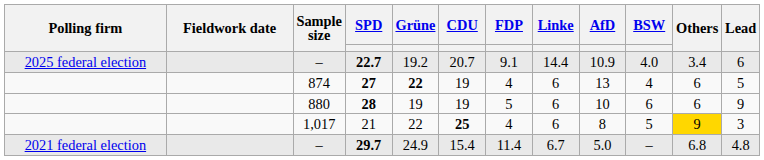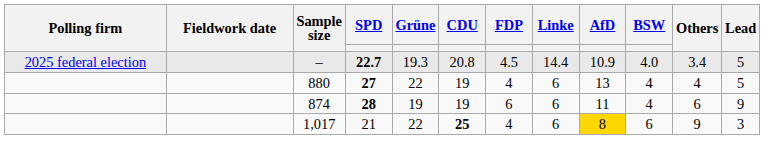 <table class="wikitable sortable mw-datatable mw-collapsible" style="text-align:center;font-size:90%;line-height:14px;">
 <tr style="height:40px;">
 <th style="width:155px;" rowspan="2">Polling firm</th>
 <th style="width:120px;" rowspan="2">Fieldwork date</th>
 <th style="width: 35px;" rowspan="2">Sample<br>size</th>
 <th class="unsortable" style="width:40px;"><a href='#'>SPD</a></th>
 <th class="unsortable" style="width:40px;"><a href='#'>Grüne</a></th>
 <th class="unsortable" style="width:40px;"><a href='#'>CDU</a></th>
 <th class="unsortable" style="width:40px;"><a href='#'>FDP</a></th>
 <th class="unsortable" style="width:40px;"><a href='#'>Linke</a></th>
 <th class="unsortable" style="width:40px;"><a href='#'>AfD</a></th>
 <th class="unsortable" style="width:40px;"><a href='#'>BSW</a></th>
 <th class="unsortable" style="width:30px;" rowspan="2">Others</th>
 <th style="width:30px;" rowspan="2">Lead</th>
 </tr>
 <tr>
 <th style="background:"></th>
 <th style="background:"></th>
 <th style="background:"></th>
 <th style="background:"></th>
 <th style="background:"></th>
 <th style="background:"></th>
 <th style="background:"></th>
 </tr>
 <tr style="background:#E9E9E9;">
 <td><a href='#'>2025 federal election</a></td>
 <td></td>
 <td>–</td>
 <td><strong>22.7</strong></td>
-<td>19.2</td>
-<td>20.7</td>
-<td>9.1</td>
+<td>19.3</td>
+<td>20.8</td>
+<td>4.5</td>
 <td>14.4</td>
 <td>10.9</td>
 <td>4.0</td>
 <td>3.4</td>
-<td style="background:">6</td>
-</tr>
-<tr>
-<td></td>
-<td></td>
-<td>874</td>
-<td><strong>27</strong></td>
-<td><strong>22</strong></td>
-<td>19</td>
-<td>4</td>
-<td>6</td>
-<td>13</td>
-<td>4</td>
-<td>6</td>
 <td style="background:">5</td>
 </tr>
 <tr>
 <td></td>
 <td></td>
 <td>880</td>
+<td><strong>27</strong></td>
+<td>22</td>
+<td>19</td>
+<td>4</td>
+<td>6</td>
+<td>13</td>
+<td>4</td>
+<td>4</td>
+<td style="background:">5</td>
+</tr>
+<tr>
+<td></td>
+<td></td>
+<td>874</td>
 <td><strong>28</strong></td>
 <td>19</td>
 <td>19</td>
-<td>5</td>
 <td>6</td>
-<td>10</td>
 <td>6</td>
+<td>11</td>
+<td>4</td>
 <td>6</td>
 <td style="background:">9</td>
 </tr>
 <tr>
 <td></td>
 <td></td>
 <td>1,017</td>
 <td>21</td>
 <td>22</td>
 <td><strong>25</strong></td>
 <td>4</td>
 <td>6</td>
-<td>8</td>
-<td>5</td>
-<td style="background: gold;">9</td>
+<td style="background: gold;">8</td>
+<td>6</td>
+<td>9</td>
 <td style="background:">3</td>
 </tr>
-<tr style="background:#E9E9E9;">
-<td><a href='#'>2021 federal election</a></td>
-<td></td>
-<td>–</td>
-<td><strong>29.7</strong></td>
-<td>24.9</td>
-<td>15.4</td>
-<td>11.4</td>
-<td>6.7</td>
-<td>5.0</td>
-<td>–</td>
-<td>6.8</td>
-<td style="background:">4.8</td>
-</tr>
 </table>
